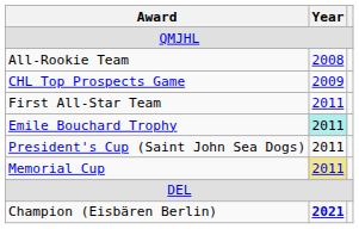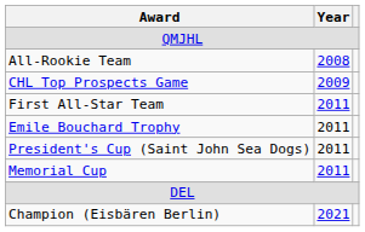 <table class="wikitable">
 <tr>
 <th>Award</th>
 <th>Year</th>
 <th></th>
 </tr>
 <tr ALIGN="center" bgcolor="#e0e0e0">
 <td colspan="3"><a href='#'>QMJHL</a></td>
 </tr>
 <tr>
 <td>All-Rookie Team</td>
 <td><a href='#'>2008</a></td>
 <td></td>
 </tr>
 <tr>
 <td><a href='#'>CHL Top Prospects Game</a></td>
 <td><a href='#'>2009</a></td>
 <td></td>
 </tr>
 <tr>
 <td>First All-Star Team</td>
 <td><a href='#'>2011</a></td>
 <td></td>
 </tr>
 <tr>
 <td><a href='#'>Emile Bouchard Trophy</a></td>
-<td style="background: paleturquoise;">2011</td>
+<td>2011</td>
 <td></td>
 </tr>
 <tr>
 <td><a href='#'>President's Cup</a> (Saint John Sea Dogs)</td>
 <td>2011</td>
 <td></td>
 </tr>
 <tr>
 <td><a href='#'>Memorial Cup</a></td>
-<td style="background: khaki;"><a href='#'>2011</a></td>
+<td><a href='#'>2011</a></td>
 <td></td>
 </tr>
 <tr ALIGN="center" bgcolor="#e0e0e0">
 <td colspan="3"><a href='#'>DEL</a></td>
 </tr>
 <tr>
 <td>Champion (Eisbären Berlin)</td>
-<td><strong><a href='#'>2021</a></strong></td>
+<td><a href='#'>2021</a></td>
 <td></td>
 </tr>
 </table>
